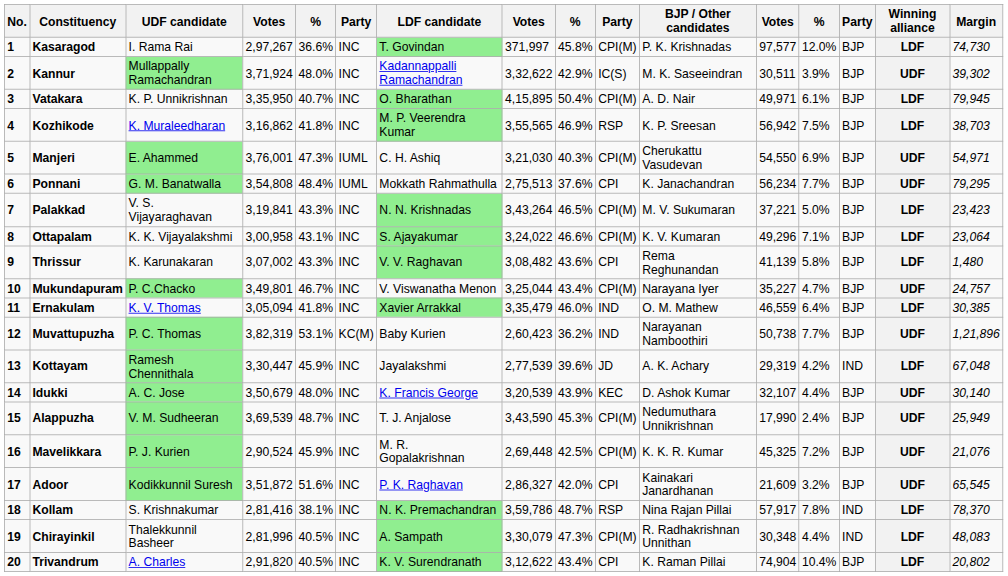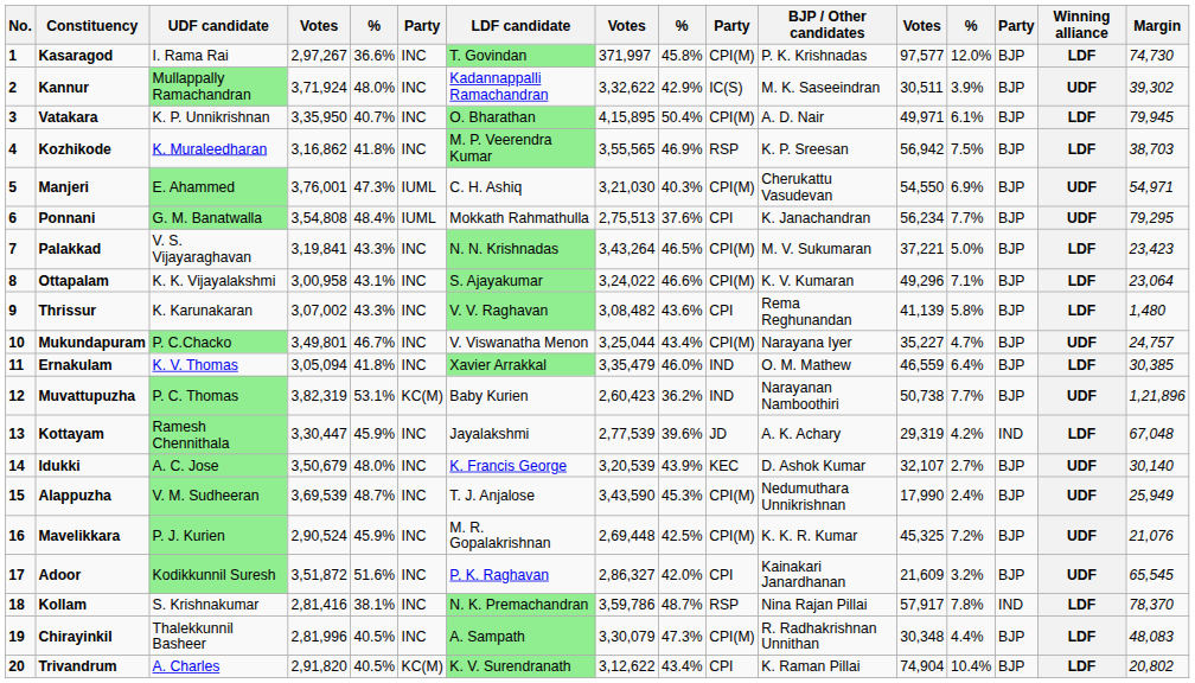 <table class="wikitable sortable" style="font-size:95%;">
 <tr>
 <th>No.</th>
 <th>Constituency</th>
 <th>UDF candidate</th>
 <th>Votes</th>
 <th>%</th>
 <th>Party</th>
 <th>LDF candidate</th>
 <th>Votes</th>
 <th>%</th>
 <th>Party</th>
 <th>BJP / Other candidates</th>
 <th>Votes</th>
 <th>%</th>
 <th>Party</th>
 <th>Winning alliance</th>
 <th>Margin</th>
 </tr>
 <tr>
 <td><strong>1</strong></td>
 <td><strong>Kasaragod</strong></td>
 <td>I. Rama Rai</td>
 <td>2,97,267</td>
 <td>36.6%</td>
 <td>INC</td>
 <td style="background:lightgreen;">T. Govindan</td>
 <td>371,997</td>
 <td>45.8%</td>
 <td>CPI(M)</td>
 <td>P. K. Krishnadas</td>
 <td>97,577</td>
 <td>12.0%</td>
 <td>BJP</td>
 <th style="background:">LDF</th>
 <td><em>74,730</em></td>
 </tr>
 <tr>
 <td><strong>2</strong></td>
 <td><strong>Kannur</strong></td>
 <td style="background:lightgreen;">Mullappally Ramachandran</td>
 <td>3,71,924</td>
 <td>48.0%</td>
 <td>INC</td>
 <td><a href='#'>Kadannappalli Ramachandran</a></td>
 <td>3,32,622</td>
 <td>42.9%</td>
 <td>IC(S)</td>
 <td>M. K. Saseeindran</td>
 <td>30,511</td>
 <td>3.9%</td>
 <td>BJP</td>
 <th style="background:">UDF</th>
 <td><em>39,302</em></td>
 </tr>
 <tr>
 <td><strong>3</strong></td>
 <td><strong>Vatakara</strong></td>
 <td>K. P. Unnikrishnan</td>
 <td>3,35,950</td>
 <td>40.7%</td>
 <td>INC</td>
 <td style="background:lightgreen;">O. Bharathan</td>
 <td>4,15,895</td>
 <td>50.4%</td>
 <td>CPI(M)</td>
 <td>A. D. Nair</td>
 <td>49,971</td>
 <td>6.1%</td>
 <td>BJP</td>
 <th style="background:">LDF</th>
 <td><em>79,945</em></td>
 </tr>
 <tr>
 <td><strong>4</strong></td>
 <td><strong>Kozhikode</strong></td>
 <td><a href='#'>K. Muraleedharan</a></td>
 <td>3,16,862</td>
 <td>41.8%</td>
 <td>INC</td>
 <td style="background:lightgreen;">M. P. Veerendra Kumar</td>
 <td>3,55,565</td>
 <td>46.9%</td>
 <td>RSP</td>
 <td>K. P. Sreesan</td>
 <td>56,942</td>
 <td>7.5%</td>
 <td>BJP</td>
 <th style="background:">LDF</th>
 <td><em>38,703</em></td>
 </tr>
 <tr>
 <td><strong>5</strong></td>
 <td><strong>Manjeri</strong></td>
 <td style="background:lightgreen;">E. Ahammed</td>
 <td>3,76,001</td>
 <td>47.3%</td>
 <td>IUML</td>
 <td>C. H. Ashiq</td>
 <td>3,21,030</td>
 <td>40.3%</td>
 <td>CPI(M)</td>
 <td>Cherukattu Vasudevan</td>
 <td>54,550</td>
 <td>6.9%</td>
 <td>BJP</td>
 <th style="background:">UDF</th>
 <td><em>54,971</em></td>
 </tr>
 <tr>
 <td><strong>6</strong></td>
 <td><strong>Ponnani</strong></td>
 <td style="background:lightgreen;">G. M. Banatwalla</td>
 <td>3,54,808</td>
 <td>48.4%</td>
 <td>IUML</td>
 <td>Mokkath Rahmathulla</td>
 <td>2,75,513</td>
 <td>37.6%</td>
 <td>CPI</td>
 <td>K. Janachandran</td>
 <td>56,234</td>
 <td>7.7%</td>
 <td>BJP</td>
 <th style="background:">UDF</th>
 <td><em>79,295</em></td>
 </tr>
 <tr>
 <td><strong>7</strong></td>
 <td><strong>Palakkad</strong></td>
 <td>V. S. Vijayaraghavan</td>
 <td>3,19,841</td>
 <td>43.3%</td>
 <td>INC</td>
 <td style="background:lightgreen;">N. N. Krishnadas</td>
 <td>3,43,264</td>
 <td>46.5%</td>
 <td>CPI(M)</td>
 <td>M. V. Sukumaran</td>
 <td>37,221</td>
 <td>5.0%</td>
 <td>BJP</td>
 <th style="background:">LDF</th>
 <td><em>23,423</em></td>
 </tr>
 <tr>
 <td><strong>8</strong></td>
 <td><strong>Ottapalam</strong></td>
 <td>K. K. Vijayalakshmi</td>
 <td>3,00,958</td>
 <td>43.1%</td>
 <td>INC</td>
 <td style="background:lightgreen;">S. Ajayakumar</td>
 <td>3,24,022</td>
 <td>46.6%</td>
 <td>CPI(M)</td>
 <td>K. V. Kumaran</td>
 <td>49,296</td>
 <td>7.1%</td>
 <td>BJP</td>
 <th style="background:">LDF</th>
 <td><em>23,064</em></td>
 </tr>
 <tr>
 <td><strong>9</strong></td>
 <td><strong>Thrissur</strong></td>
 <td>K. Karunakaran</td>
 <td>3,07,002</td>
 <td>43.3%</td>
 <td>INC</td>
 <td style="background:lightgreen;">V. V. Raghavan</td>
 <td>3,08,482</td>
 <td>43.6%</td>
 <td>CPI</td>
 <td>Rema Reghunandan</td>
 <td>41,139</td>
 <td>5.8%</td>
 <td>BJP</td>
 <th style="background:">LDF</th>
 <td><em>1,480</em></td>
 </tr>
 <tr>
 <td><strong>10</strong></td>
 <td><strong>Mukundapuram</strong></td>
 <td style="background:lightgreen;">P. C.Chacko</td>
 <td>3,49,801</td>
 <td>46.7%</td>
 <td>INC</td>
 <td>V. Viswanatha Menon</td>
 <td>3,25,044</td>
 <td>43.4%</td>
 <td>CPI(M)</td>
 <td>Narayana Iyer</td>
 <td>35,227</td>
 <td>4.7%</td>
 <td>BJP</td>
 <th style="background:">UDF</th>
 <td><em>24,757</em></td>
 </tr>
 <tr>
 <td><strong>11</strong></td>
 <td><strong>Ernakulam</strong></td>
 <td><a href='#'>K. V. Thomas</a></td>
 <td>3,05,094</td>
 <td>41.8%</td>
 <td>INC</td>
 <td style="background:lightgreen;">Xavier Arrakkal</td>
 <td>3,35,479</td>
 <td>46.0%</td>
 <td>IND</td>
 <td>O. M. Mathew</td>
 <td>46,559</td>
 <td>6.4%</td>
 <td>BJP</td>
 <th style="background:">LDF</th>
 <td><em>30,385</em></td>
 </tr>
 <tr>
 <td><strong>12</strong></td>
 <td><strong>Muvattupuzha</strong></td>
 <td style="background:lightgreen;">P. C. Thomas</td>
 <td>3,82,319</td>
 <td>53.1%</td>
 <td>KC(M)</td>
 <td>Baby Kurien</td>
 <td>2,60,423</td>
 <td>36.2%</td>
 <td>IND</td>
 <td>Narayanan Namboothiri</td>
 <td>50,738</td>
 <td>7.7%</td>
 <td>BJP</td>
 <th style="background:">UDF</th>
 <td><em>1,21,896</em></td>
 </tr>
 <tr>
 <td><strong>13</strong></td>
 <td><strong>Kottayam</strong></td>
 <td style="background:lightgreen;">Ramesh Chennithala</td>
 <td>3,30,447</td>
 <td>45.9%</td>
 <td>INC</td>
 <td>Jayalakshmi</td>
 <td>2,77,539</td>
 <td>39.6%</td>
 <td>JD</td>
 <td>A. K. Achary</td>
 <td>29,319</td>
 <td>4.2%</td>
 <td>IND</td>
 <th style="background:">LDF</th>
 <td><em>67,048</em></td>
 </tr>
 <tr>
 <td><strong>14</strong></td>
 <td><strong>Idukki</strong></td>
 <td style="background:lightgreen;">A. C. Jose</td>
 <td>3,50,679</td>
 <td>48.0%</td>
 <td>INC</td>
 <td><a href='#'>K. Francis George</a></td>
 <td>3,20,539</td>
 <td>43.9%</td>
 <td>KEC</td>
 <td>D. Ashok Kumar</td>
 <td>32,107</td>
-<td>4.4%</td>
+<td>2.7%</td>
 <td>BJP</td>
 <th style="background:">UDF</th>
 <td><em>30,140</em></td>
 </tr>
 <tr>
 <td><strong>15</strong></td>
 <td><strong>Alappuzha</strong></td>
 <td style="background:lightgreen;">V. M. Sudheeran</td>
 <td>3,69,539</td>
 <td>48.7%</td>
 <td>INC</td>
 <td>T. J. Anjalose</td>
 <td>3,43,590</td>
 <td>45.3%</td>
 <td>CPI(M)</td>
 <td>Nedumuthara Unnikrishnan</td>
 <td>17,990</td>
 <td>2.4%</td>
 <td>BJP</td>
 <th style="background:">UDF</th>
 <td><em>25,949</em></td>
 </tr>
 <tr>
 <td><strong>16</strong></td>
 <td><strong>Mavelikkara</strong></td>
 <td style="background:lightgreen;">P. J. Kurien</td>
 <td>2,90,524</td>
 <td>45.9%</td>
 <td>INC</td>
 <td>M. R.<br>Gopalakrishnan</td>
 <td>2,69,448</td>
 <td>42.5%</td>
 <td>CPI(M)</td>
 <td>K. K. R. Kumar</td>
 <td>45,325</td>
 <td>7.2%</td>
 <td>BJP</td>
 <th style="background:">UDF</th>
 <td><em>21,076</em></td>
 </tr>
 <tr>
 <td><strong>17</strong></td>
 <td><strong>Adoor</strong></td>
 <td style="background:lightgreen;">Kodikkunnil Suresh</td>
 <td>3,51,872</td>
 <td>51.6%</td>
 <td>INC</td>
 <td><a href='#'>P. K. Raghavan</a></td>
 <td>2,86,327</td>
 <td>42.0%</td>
 <td>CPI</td>
 <td>Kainakari Janardhanan</td>
 <td>21,609</td>
 <td>3.2%</td>
 <td>BJP</td>
 <th style="background:">UDF</th>
 <td><em>65,545</em></td>
 </tr>
 <tr>
 <td><strong>18</strong></td>
 <td><strong>Kollam</strong></td>
 <td>S. Krishnakumar</td>
 <td>2,81,416</td>
 <td>38.1%</td>
 <td>INC</td>
 <td style="background:lightgreen;">N. K. Premachandran</td>
 <td>3,59,786</td>
 <td>48.7%</td>
 <td>RSP</td>
 <td>Nina Rajan Pillai</td>
 <td>57,917</td>
 <td>7.8%</td>
 <td>IND</td>
 <th style="background:">LDF</th>
 <td><em>78,370</em></td>
 </tr>
 <tr>
 <td><strong>19</strong></td>
 <td><strong>Chirayinkil</strong></td>
 <td>Thalekkunnil Basheer</td>
 <td>2,81,996</td>
 <td>40.5%</td>
 <td>INC</td>
 <td style="background:lightgreen;">A. Sampath</td>
 <td>3,30,079</td>
 <td>47.3%</td>
 <td>CPI(M)</td>
 <td>R. Radhakrishnan Unnithan</td>
 <td>30,348</td>
 <td>4.4%</td>
-<td>IND</td>
+<td>BJP</td>
 <th style="background:">LDF</th>
 <td><em>48,083</em></td>
 </tr>
 <tr>
 <td><strong>20</strong></td>
 <td><strong>Trivandrum</strong></td>
 <td><a href='#'>A. Charles</a></td>
 <td>2,91,820</td>
 <td>40.5%</td>
-<td>INC</td>
+<td>KC(M)</td>
 <td style="background:lightgreen;">K. V. Surendranath</td>
 <td>3,12,622</td>
 <td>43.4%</td>
 <td>CPI</td>
 <td>K. Raman Pillai</td>
 <td>74,904</td>
 <td>10.4%</td>
 <td>BJP</td>
 <th style="background:">LDF</th>
 <td><em>20,802</em></td>
 </tr>
 </table>
